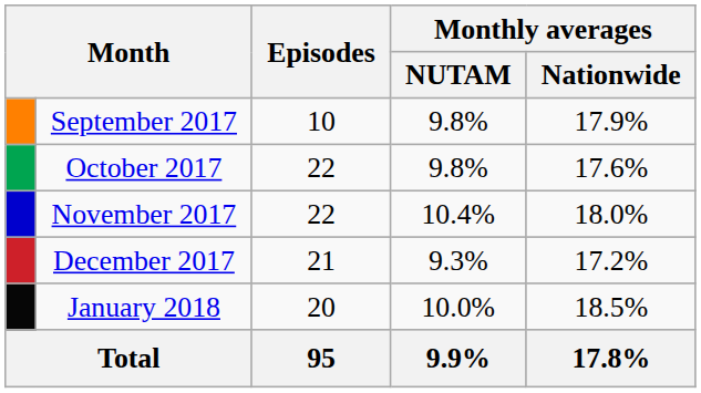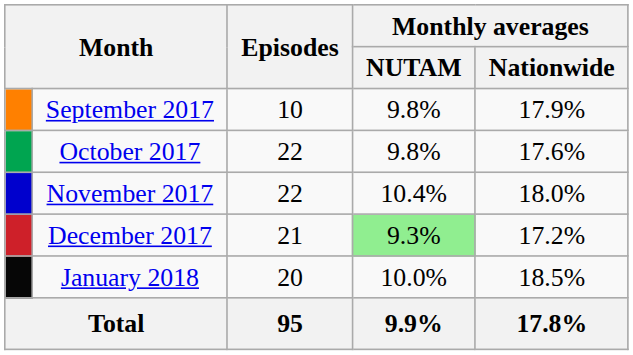 <table class="wikitable plainrowheaders" style="text-align: center; line-height:25px;">
 <tr class="wikitable" style="text-align: center;">
 <th colspan="2" rowspan="2" style="padding: 0 8px;">Month</th>
 <th rowspan="2" style="padding: 0 8px;">Episodes</th>
 <th colspan="2" style="padding: 0 8px;">Monthly averages</th>
 </tr>
 <tr>
 <th style="padding: 0 8px;">NUTAM</th>
 <th style="padding: 0 8px;">Nationwide</th>
 </tr>
 <tr>
 <td style="padding: 0 8px; background:#ff8000;"></td>
 <td style="padding: 0 8px;" '><a href='#'>September 2017</a></td>
 <td style="padding: 0 8px;">10</td>
 <td style="padding: 0 8px;">9.8%</td>
 <td style="padding: 0 8px;">17.9%</td>
 </tr>
 <tr>
 <td style="padding: 0 8px; background:#00A550;"></td>
 <td style="padding: 0 8px;" '><a href='#'>October 2017</a></td>
 <td style="padding: 0 8px;">22</td>
 <td style="padding: 0 8px;">9.8%</td>
 <td style="padding: 0 8px;">17.6%</td>
 </tr>
 <tr>
 <td style="padding: 0 8px; background:#0000CD;"></td>
 <td style="padding: 0 8px;" '><a href='#'>November 2017</a></td>
 <td style="padding: 0 8px;">22</td>
 <td style="padding: 0 8px;">10.4%</td>
 <td style="padding: 0 8px;">18.0%</td>
 </tr>
 <tr>
 <td style="padding: 0 8px; background:#CE2029;"></td>
 <td style="padding: 0 8px;" '><a href='#'>December 2017</a></td>
 <td style="padding: 0 8px;">21</td>
-<td style="padding: 0 8px;">9.3%</td>
+<td style="background: lightgreen; padding: 0 8px;">9.3%</td>
 <td style="padding: 0 8px;">17.2%</td>
 </tr>
 <tr>
 <td style="padding: 0 8px; background:#060606;"></td>
 <td style="padding: 0 8px;" '><a href='#'>January 2018</a></td>
 <td style="padding: 0 8px;">20</td>
 <td style="padding: 0 8px;">10.0%</td>
 <td style="padding: 0 8px;">18.5%</td>
 </tr>
 <tr>
 <th colspan=2>Total</th>
 <th>95</th>
 <th>9.9%</th>
 <th>17.8%</th>
 </tr>
 </table>
